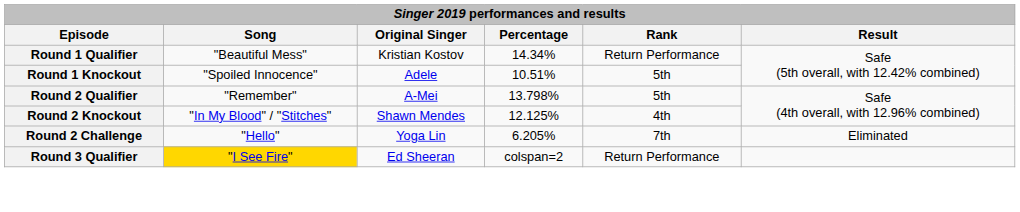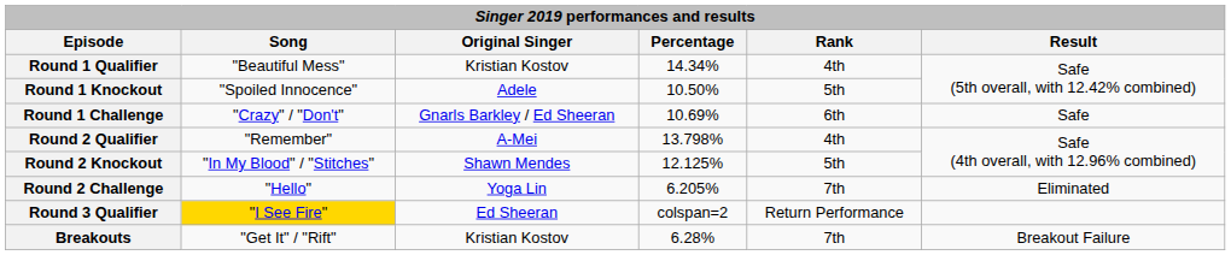 <table class="wikitable collapsible collapsed" style="width:100%; margin:1em auto 1em auto; text-align:center;">
 <tr>
 <th colspan="6" style="background:#BFBFBF;"><em>Singer 2019</em> performances and results</th>
 </tr>
 <tr>
 <th scope="col">Episode</th>
 <th scope="col">Song</th>
 <th scope="col">Original Singer</th>
 <th scope="col">Percentage</th>
 <th scope="col">Rank</th>
 <th scope="col">Result</th>
 </tr>
 <tr>
 <th>Round 1 Qualifier</th>
 <td>"Beautiful Mess"</td>
 <td>Kristian Kostov</td>
 <td>14.34%</td>
-<td>Return Performance</td>
+<td>4th</td>
 <td rowspan=2>Safe<br>(5th overall, with 12.42% combined)</td>
 </tr>
 <tr>
 <th>Round 1 Knockout</th>
 <td>"Spoiled Innocence"</td>
 <td><a href='#'>Adele</a></td>
-<td>10.51%</td>
+<td>10.50%</td>
 <td>5th</td>
+</tr>
+<tr>
+<th>Round 1 Challenge</th>
+<td>"<a href='#'>Crazy</a>" / "<a href='#'>Don't</a>"</td>
+<td><a href='#'>Gnarls Barkley</a> / <a href='#'>Ed Sheeran</a></td>
+<td>10.69%</td>
+<td>6th</td>
+<td>Safe</td>
 </tr>
 <tr>
 <th>Round 2 Qualifier</th>
 <td>"Remember"</td>
 <td><a href='#'>A-Mei</a></td>
 <td>13.798%</td>
-<td>5th</td>
+<td>4th</td>
 <td rowspan=2>Safe<br>(4th overall, with 12.96% combined)</td>
 </tr>
 <tr>
 <th>Round 2 Knockout</th>
 <td>"<a href='#'>In My Blood</a>" / "<a href='#'>Stitches</a>"</td>
 <td><a href='#'>Shawn Mendes</a></td>
 <td>12.125%</td>
-<td>4th</td>
+<td>5th</td>
 </tr>
 <tr>
 <th>Round 2 Challenge</th>
 <td>"<a href='#'>Hello</a>"</td>
 <td><a href='#'>Yoga Lin</a></td>
 <td>6.205%</td>
 <td>7th</td>
 <td>Eliminated</td>
 </tr>
 <tr>
 <th>Round 3 Qualifier</th>
 <td style="background: gold;">"<a href='#'>I See Fire</a>"</td>
 <td><a href='#'>Ed Sheeran</a></td>
 <td>colspan=2 </td>
 <td>Return Performance</td>
 </tr>
+<tr>
+<th>Breakouts</th>
+<td>"Get It" / "Rift"</td>
+<td>Kristian Kostov</td>
+<td>6.28%</td>
+<td>7th</td>
+<td>Breakout Failure</td>
+</tr>
 </table>
